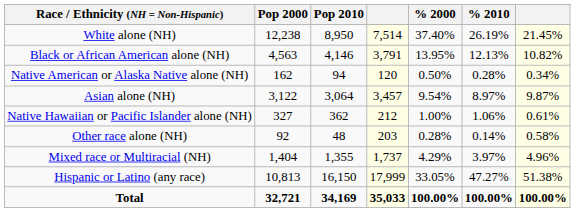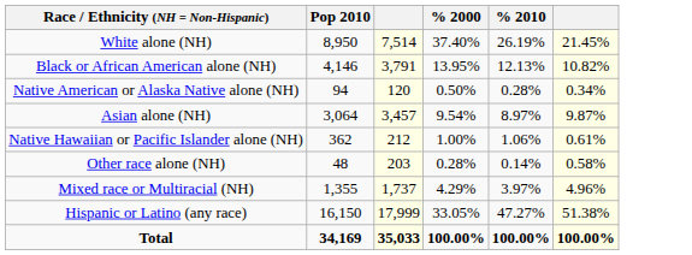 <table class="wikitable" style="text-align:center;">
 <tr>
 <th>Race / Ethnicity <small>(<em>NH = Non-Hispanic</em>)</small></th>
-<th>Pop 2000</th>
 <th>Pop 2010</th>
 <th></th>
 <th>% 2000</th>
 <th>% 2010</th>
 <th></th>
 </tr>
 <tr>
 <td><a href='#'>White</a> alone (NH)</td>
-<td>12,238</td>
 <td>8,950</td>
 <td style='background: #ffffe6;'>7,514</td>
 <td>37.40%</td>
 <td>26.19%</td>
 <td style='background: #ffffe6;'>21.45%</td>
 </tr>
 <tr>
 <td><a href='#'>Black or African American</a> alone (NH)</td>
-<td>4,563</td>
 <td>4,146</td>
 <td style='background: #ffffe6;'>3,791</td>
 <td>13.95%</td>
 <td>12.13%</td>
 <td style='background: #ffffe6;'>10.82%</td>
 </tr>
 <tr>
 <td><a href='#'>Native American</a> or <a href='#'>Alaska Native</a> alone (NH)</td>
-<td>162</td>
 <td>94</td>
 <td style='background: #ffffe6;'>120</td>
 <td>0.50%</td>
 <td>0.28%</td>
 <td style='background: #ffffe6;'>0.34%</td>
 </tr>
 <tr>
 <td><a href='#'>Asian</a> alone (NH)</td>
-<td>3,122</td>
 <td>3,064</td>
 <td style='background: #ffffe6;'>3,457</td>
 <td>9.54%</td>
 <td>8.97%</td>
 <td style='background: #ffffe6;'>9.87%</td>
 </tr>
 <tr>
 <td><a href='#'>Native Hawaiian</a> or <a href='#'>Pacific Islander</a> alone (NH)</td>
-<td>327</td>
 <td>362</td>
 <td style='background: #ffffe6;'>212</td>
 <td>1.00%</td>
 <td>1.06%</td>
 <td style='background: #ffffe6;'>0.61%</td>
 </tr>
 <tr>
 <td><a href='#'>Other race</a> alone (NH)</td>
-<td>92</td>
 <td>48</td>
 <td style='background: #ffffe6;'>203</td>
 <td>0.28%</td>
 <td>0.14%</td>
 <td style='background: #ffffe6;'>0.58%</td>
 </tr>
 <tr>
 <td><a href='#'>Mixed race or Multiracial</a> (NH)</td>
-<td>1,404</td>
 <td>1,355</td>
 <td style='background: #ffffe6;'>1,737</td>
 <td>4.29%</td>
 <td>3.97%</td>
 <td style='background: #ffffe6;'>4.96%</td>
 </tr>
 <tr>
 <td><a href='#'>Hispanic or Latino</a> (any race)</td>
-<td>10,813</td>
 <td>16,150</td>
 <td style='background: #ffffe6;'>17,999</td>
 <td>33.05%</td>
 <td>47.27%</td>
 <td style='background: #ffffe6;'>51.38%</td>
 </tr>
 <tr>
 <td><strong>Total</strong></td>
-<td><strong>32,721</strong></td>
 <td><strong>34,169</strong></td>
 <td style='background: #ffffe6;'><strong>35,033</strong></td>
 <td><strong>100.00%</strong></td>
 <td><strong>100.00%</strong></td>
 <td style='background: #ffffe6;'><strong>100.00%</strong></td>
 </tr>
 </table>
